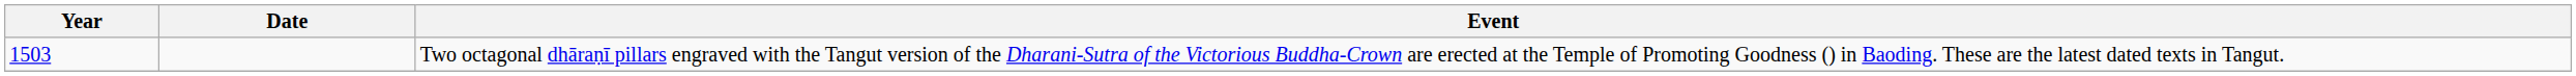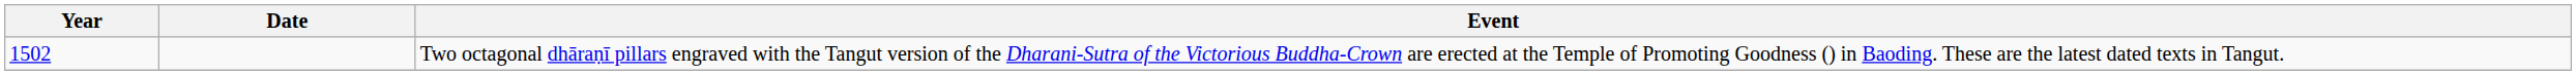 <table class="wikitable" width="100%">
 <tr>
 <th style="width:6%">Year</th>
 <th style="width:10%">Date</th>
 <th>Event</th>
 </tr>
 <tr>
-<td><a href='#'>1503</a></td>
+<td><a href='#'>1502</a></td>
 <td></td>
 <td>Two octagonal <a href='#'>dhāraṇī pillars</a> engraved with the Tangut version of the <em><a href='#'>Dharani-Sutra of the Victorious Buddha-Crown</a></em> are erected at the Temple of Promoting Goodness  () in <a href='#'>Baoding</a>. These are the latest dated texts in Tangut.</td>
 </tr>
 <tr>
 </tr>
 </table>
